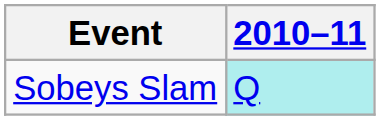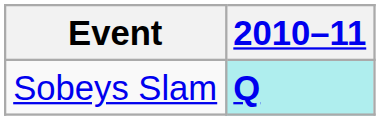 <table class="wikitable" style="font-size:95%;">
 <tr>
 <th>Event</th>
 <th><a href='#'>2010–11</a></th>
 </tr>
 <tr>
 <td><a href='#'>Sobeys Slam</a></td>
-<td style="background:#afeeee;"><a href='#'>Q</a></td>
+<td style="background:#afeeee;"><strong><a href='#'>Q</a></strong></td>
 </tr>
 </table>
